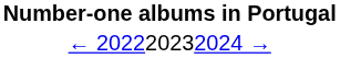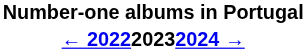 <table class="toc" id="toc" summary="Contents">
 <tr>
 <th>Number-one albums in Portugal</th>
 </tr>
 <tr>
-<td align="center"><a href='#'>← 2022</a>2023<a href='#'>2024 →</a></td>
+<td align="center"><strong><a href='#'>← 2022</a>2023<a href='#'>2024 →</a></strong></td>
 </tr>
 </table>
